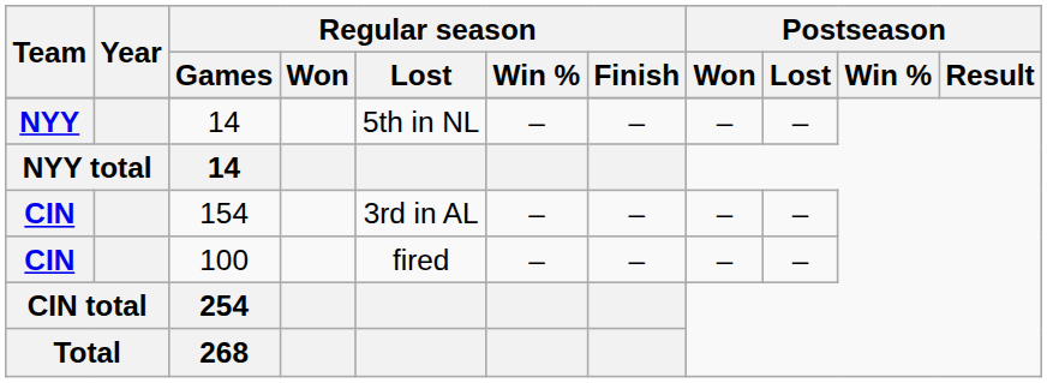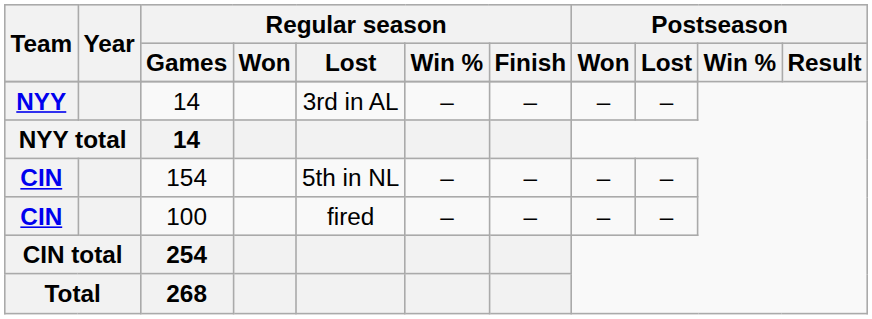 <table class="wikitable" style="font-size: 95%; text-align:center;">
 <tr>
 <th rowspan="2">Team</th>
 <th rowspan="2">Year</th>
 <th colspan="5">Regular season</th>
 <th colspan="4">Postseason</th>
 </tr>
 <tr>
 <th>Games</th>
 <th>Won</th>
 <th>Lost</th>
 <th>Win %</th>
 <th>Finish</th>
 <th>Won</th>
 <th>Lost</th>
 <th>Win %</th>
 <th>Result</th>
 </tr>
 <tr>
 </tr>
 <tr>
 <th><a href='#'>NYY</a></th>
 <th></th>
 <td>14</td>
 <td></td>
-<td>5th in NL</td>
+<td>3rd in AL</td>
 <td>–</td>
 <td>–</td>
 <td>–</td>
 <td>–</td>
 </tr>
 <tr>
 <th colspan="2">NYY total</th>
 <th>14</th>
 <th></th>
 <th></th>
 <th></th>
 <th></th>
 </tr>
 <tr>
 <th><a href='#'>CIN</a></th>
 <th></th>
 <td>154</td>
 <td></td>
-<td>3rd in AL</td>
+<td>5th in NL</td>
 <td>–</td>
 <td>–</td>
 <td>–</td>
 <td>–</td>
 </tr>
 <tr>
 <th><a href='#'>CIN</a></th>
 <th></th>
 <td>100</td>
 <td></td>
 <td>fired</td>
 <td>–</td>
 <td>–</td>
 <td>–</td>
 <td>–</td>
 </tr>
 <tr>
 <th colspan="2">CIN total</th>
 <th>254</th>
 <th></th>
 <th></th>
 <th></th>
 <th></th>
 </tr>
 <tr>
 <th colspan="2">Total</th>
 <th>268</th>
 <th></th>
 <th></th>
 <th></th>
 <th></th>
 </tr>
 </table>
